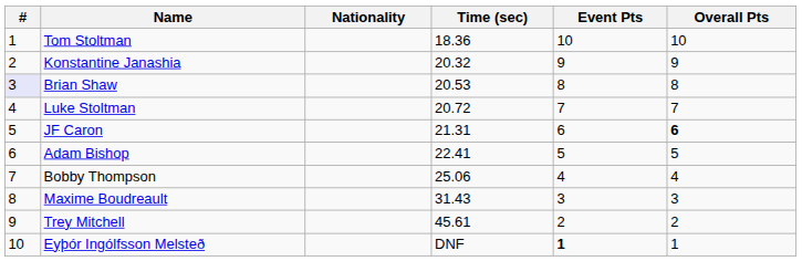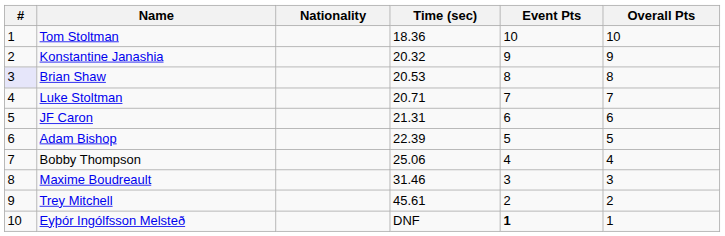 <table class="wikitable sortable" style="display: inline-table;width: 100%;">
 <tr>
 <th>#</th>
 <th>Name</th>
 <th>Nationality</th>
 <th>Time (sec)</th>
 <th>Event Pts</th>
 <th>Overall Pts</th>
 </tr>
 <tr>
 <td>1</td>
 <td><a href='#'>Tom Stoltman</a></td>
 <td></td>
 <td>18.36</td>
 <td>10</td>
 <td>10</td>
 </tr>
 <tr>
 <td>2</td>
 <td><a href='#'>Konstantine Janashia</a></td>
 <td></td>
 <td>20.32</td>
 <td>9</td>
 <td>9</td>
 </tr>
 <tr>
 <td style="background: lavender;">3</td>
 <td><a href='#'>Brian Shaw</a></td>
 <td></td>
 <td>20.53</td>
 <td>8</td>
 <td>8</td>
 </tr>
 <tr>
 <td>4</td>
 <td><a href='#'>Luke Stoltman</a></td>
 <td></td>
-<td>20.72</td>
+<td>20.71</td>
 <td>7</td>
 <td>7</td>
 </tr>
 <tr>
 <td>5</td>
 <td><a href='#'>JF Caron</a></td>
 <td></td>
 <td>21.31</td>
 <td>6</td>
-<td><strong>6</strong></td>
+<td>6</td>
 </tr>
 <tr>
 <td>6</td>
 <td><a href='#'>Adam Bishop</a></td>
 <td></td>
-<td>22.41</td>
+<td>22.39</td>
 <td>5</td>
 <td>5</td>
 </tr>
 <tr>
 <td>7</td>
 <td>Bobby Thompson</td>
 <td></td>
 <td>25.06</td>
 <td>4</td>
 <td>4</td>
 </tr>
 <tr>
 <td>8</td>
 <td><a href='#'>Maxime Boudreault</a></td>
 <td></td>
-<td>31.43</td>
+<td>31.46</td>
 <td>3</td>
 <td>3</td>
 </tr>
 <tr>
 <td>9</td>
 <td><a href='#'>Trey Mitchell</a></td>
 <td></td>
 <td>45.61</td>
 <td>2</td>
 <td>2</td>
 </tr>
 <tr>
 <td>10</td>
 <td><a href='#'>Eyþór Ingólfsson Melsteð</a></td>
 <td></td>
 <td>DNF </td>
 <td><strong>1</strong></td>
 <td>1</td>
 </tr>
 </table>
